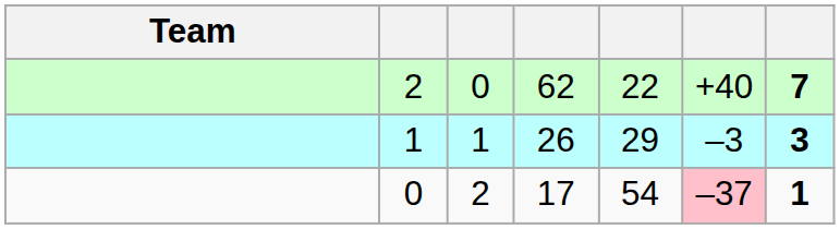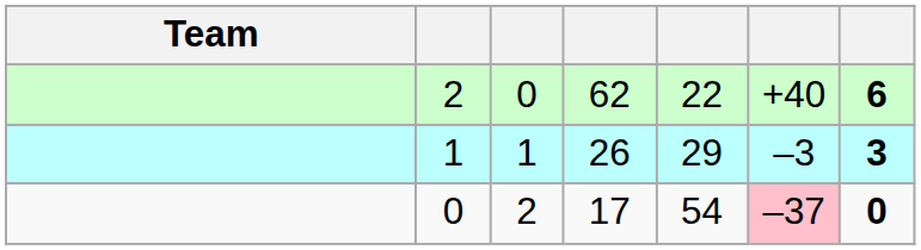 <table class="wikitable" style="text-align:center;">
 <tr>
 <th style="width:10.5em;">Team</th>
 <th style="width:1.5em;"></th>
 <th style="width:1.5em;"></th>
 <th style="width:2.0em;"></th>
 <th style="width:2.0em;"></th>
 <th style="width:2.0em;"></th>
 <th style="width:1.5em;"></th>
 </tr>
 <tr bgcolor=#cfc>
 <td align="left"></td>
 <td>2</td>
 <td>0</td>
 <td>62</td>
 <td>22</td>
 <td>+40</td>
-<td><strong>7</strong></td>
+<td><strong>6</strong></td>
 </tr>
 <tr bgcolor=#bff>
 <td align="left"></td>
 <td>1</td>
 <td>1</td>
 <td>26</td>
 <td>29</td>
 <td>–3</td>
 <td><strong>3</strong></td>
 </tr>
 <tr>
 <td align="left"></td>
 <td>0</td>
 <td>2</td>
 <td>17</td>
 <td>54</td>
 <td style="background: pink;">–37</td>
-<td><strong>1</strong></td>
+<td><strong>0</strong></td>
 </tr>
 </table>
